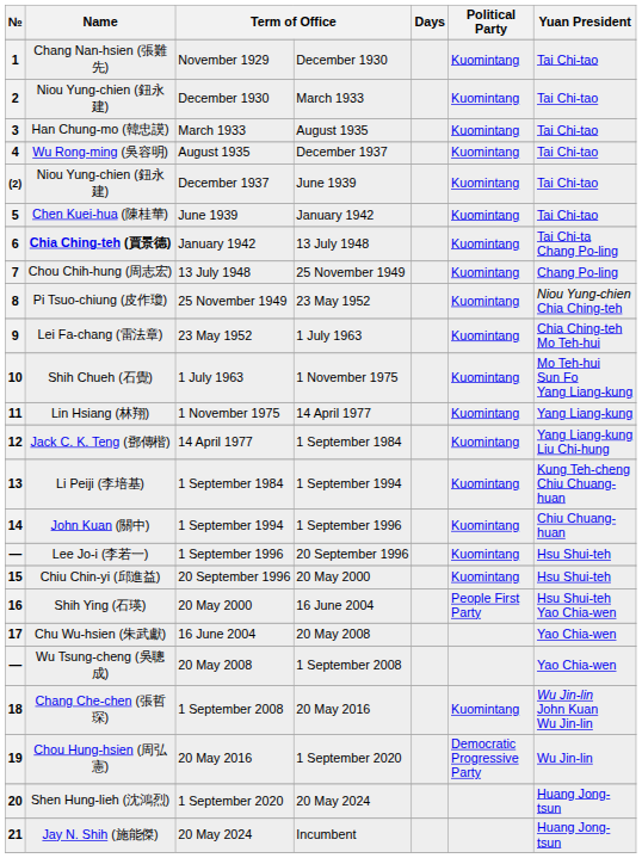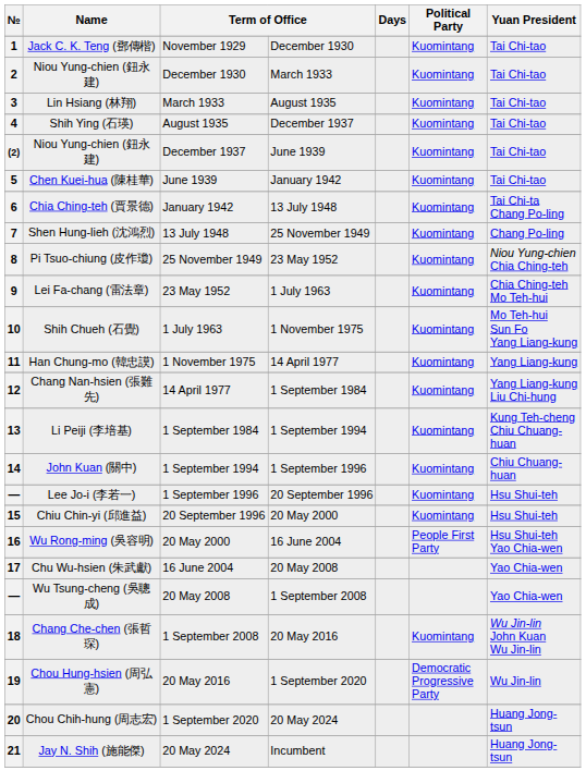 <table class="wikitable">
 <tr ->
 <th>№</th>
 <th width="180">Name</th>
 <th colspan=2 width="180">Term of Office</th>
 <th>Days</th>
 <th width="100">Political Party</th>
 <th width="120">Yuan President</th>
 </tr>
 <tr ->
 </tr>
 <tr - bgcolor=#EEEEEE>
 <th style="background:">1</th>
-<td align=center>Chang Nan-hsien (張難先)</td>
+<td align=center><a href='#'>Jack C. K. Teng</a> (鄧傳楷)</td>
 <td>November 1929</td>
 <td>December 1930</td>
 <td></td>
 <td><a href='#'>Kuomintang</a></td>
 <td><a href='#'>Tai Chi-tao</a></td>
 </tr>
 <tr ->
 </tr>
 <tr - bgcolor=#EEEEEE>
 <th style="background:">2</th>
 <td align=center>Niou Yung-chien (鈕永建)</td>
 <td>December 1930</td>
 <td>March 1933</td>
 <td></td>
 <td><a href='#'>Kuomintang</a></td>
 <td><a href='#'>Tai Chi-tao</a></td>
 </tr>
 <tr ->
 </tr>
 <tr - bgcolor=#EEEEEE>
 <th style="background:">3</th>
-<td align=center>Han Chung-mo (韓忠謨)</td>
+<td align=center>Lin Hsiang (林翔)</td>
 <td>March 1933</td>
 <td>August 1935</td>
 <td></td>
 <td><a href='#'>Kuomintang</a></td>
 <td><a href='#'>Tai Chi-tao</a></td>
 </tr>
 <tr ->
 </tr>
 <tr - bgcolor=#EEEEEE>
 <th style="background:">4</th>
-<td align=center><a href='#'>Wu Rong-ming</a> (吳容明)</td>
+<td align=center>Shih Ying (石瑛)</td>
 <td>August 1935</td>
 <td>December 1937</td>
 <td></td>
 <td><a href='#'>Kuomintang</a></td>
 <td><a href='#'>Tai Chi-tao</a></td>
 </tr>
 <tr ->
 </tr>
 <tr - bgcolor=#EEEEEE>
 <th style="background:"><small>(2)</small></th>
 <td align=center>Niou Yung-chien (鈕永建)</td>
 <td>December 1937</td>
 <td>June 1939</td>
 <td></td>
 <td><a href='#'>Kuomintang</a></td>
 <td><a href='#'>Tai Chi-tao</a></td>
 </tr>
 <tr ->
 </tr>
 <tr - bgcolor=#EEEEEE>
 <th style="background:">5</th>
 <td align=center><a href='#'>Chen Kuei-hua</a> (陳桂華)</td>
 <td>June 1939</td>
 <td>January 1942</td>
 <td></td>
 <td><a href='#'>Kuomintang</a></td>
 <td><a href='#'>Tai Chi-tao</a></td>
 </tr>
 <tr ->
 </tr>
 <tr - bgcolor=#EEEEEE>
 <th style="background:">6</th>
-<td align=center><strong><a href='#'>Chia Ching-teh</a> (賈景德)</strong></td>
+<td align=center><a href='#'>Chia Ching-teh</a> (賈景德)</td>
 <td>January 1942</td>
 <td>13 July 1948</td>
 <td></td>
 <td><a href='#'>Kuomintang</a></td>
 <td><a href='#'>Tai Chi-ta</a><br><a href='#'>Chang Po-ling</a></td>
 </tr>
 <tr ->
 </tr>
 <tr - bgcolor=#EEEEEE>
 <th style="background:">7</th>
-<td align=center>Chou Chih-hung (周志宏)</td>
+<td align=center>Shen Hung-lieh (沈鴻烈)</td>
 <td>13 July 1948</td>
 <td>25 November 1949</td>
 <td></td>
 <td><a href='#'>Kuomintang</a></td>
 <td><a href='#'>Chang Po-ling</a></td>
 </tr>
 <tr ->
 </tr>
 <tr - bgcolor=#EEEEEE>
 <th style="background:">8</th>
 <td align=center>Pi Tsuo-chiung (皮作瓊)</td>
 <td>25 November 1949</td>
 <td>23 May 1952</td>
 <td></td>
 <td><a href='#'>Kuomintang</a></td>
 <td><em>Niou Yung-chien</em><br><a href='#'>Chia Ching-teh</a></td>
 </tr>
 <tr ->
 </tr>
 <tr - bgcolor=#EEEEEE>
 <th style="background:">9</th>
 <td align=center>Lei Fa-chang (雷法章)</td>
 <td>23 May 1952</td>
 <td>1 July 1963</td>
 <td></td>
 <td><a href='#'>Kuomintang</a></td>
 <td><a href='#'>Chia Ching-teh</a><br><a href='#'>Mo Teh-hui</a></td>
 </tr>
 <tr ->
 </tr>
 <tr - bgcolor=#EEEEEE>
 <th style="background:">10</th>
 <td align=center>Shih Chueh (石覺)</td>
 <td>1 July 1963</td>
 <td>1 November 1975</td>
 <td></td>
 <td><a href='#'>Kuomintang</a></td>
 <td><a href='#'>Mo Teh-hui</a><br><a href='#'>Sun Fo</a><br><a href='#'>Yang Liang-kung</a></td>
 </tr>
 <tr ->
 </tr>
 <tr - bgcolor=#EEEEEE>
 <th style="background:">11</th>
-<td align=center>Lin Hsiang (林翔)</td>
+<td align=center>Han Chung-mo (韓忠謨)</td>
 <td>1 November 1975</td>
 <td>14 April 1977</td>
 <td></td>
 <td><a href='#'>Kuomintang</a></td>
 <td><a href='#'>Yang Liang-kung</a></td>
 </tr>
 <tr ->
 </tr>
 <tr - bgcolor=#EEEEEE>
 <th style="background:">12</th>
-<td align=center><a href='#'>Jack C. K. Teng</a> (鄧傳楷)</td>
+<td align=center>Chang Nan-hsien (張難先)</td>
 <td>14 April 1977</td>
 <td>1 September 1984</td>
 <td></td>
 <td><a href='#'>Kuomintang</a></td>
 <td><a href='#'>Yang Liang-kung</a><br><a href='#'>Liu Chi-hung</a></td>
 </tr>
 <tr ->
 </tr>
 <tr - bgcolor=#EEEEEE>
 <th style="background:">13</th>
 <td align=center>Li Peiji (李培基)</td>
 <td>1 September 1984</td>
 <td>1 September 1994</td>
 <td></td>
 <td><a href='#'>Kuomintang</a></td>
 <td><a href='#'>Kung Teh-cheng</a><br><a href='#'>Chiu Chuang-huan</a></td>
 </tr>
 <tr ->
 </tr>
 <tr - bgcolor=#EEEEEE>
 <th style="background:">14</th>
 <td align=center><a href='#'>John Kuan</a> (關中)</td>
 <td>1 September 1994</td>
 <td>1 September 1996</td>
 <td></td>
 <td><a href='#'>Kuomintang</a></td>
 <td><a href='#'>Chiu Chuang-huan</a></td>
 </tr>
 <tr ->
 </tr>
 <tr - bgcolor=#EEEEEE>
 <th style="background:">—</th>
 <td align=center>Lee Jo-i (李若一)</td>
 <td>1 September 1996</td>
 <td>20 September 1996</td>
 <td></td>
 <td><a href='#'>Kuomintang</a></td>
 <td><a href='#'>Hsu Shui-teh</a></td>
 </tr>
 <tr ->
 </tr>
 <tr - bgcolor=#EEEEEE>
 <th style="background:">15</th>
 <td align=center>Chiu Chin-yi (邱進益)</td>
 <td>20 September 1996</td>
 <td>20 May 2000</td>
 <td></td>
 <td><a href='#'>Kuomintang</a></td>
 <td><a href='#'>Hsu Shui-teh</a></td>
 </tr>
 <tr ->
 </tr>
 <tr - bgcolor=#EEEEEE>
 <th style="background:">16</th>
-<td align=center>Shih Ying (石瑛)</td>
+<td align=center><a href='#'>Wu Rong-ming</a> (吳容明)</td>
 <td>20 May 2000</td>
 <td>16 June 2004</td>
 <td></td>
 <td><a href='#'>People First Party</a></td>
 <td><a href='#'>Hsu Shui-teh</a><br><a href='#'>Yao Chia-wen</a></td>
 </tr>
 <tr ->
 </tr>
 <tr - bgcolor=#EEEEEE>
 <th style="background:">17</th>
 <td align=center>Chu Wu-hsien (朱武獻)</td>
 <td>16 June 2004</td>
 <td>20 May 2008</td>
 <td></td>
 <td></td>
 <td><a href='#'>Yao Chia-wen</a></td>
 </tr>
 <tr ->
 </tr>
 <tr - bgcolor=#EEEEEE>
 <th style="background:">—</th>
 <td align=center>Wu Tsung-cheng (吳聰成)</td>
 <td>20 May 2008</td>
 <td>1 September 2008</td>
 <td></td>
 <td></td>
 <td><a href='#'>Yao Chia-wen</a></td>
 </tr>
 <tr ->
 </tr>
 <tr - bgcolor=#EEEEEE>
 <th style="background:">18</th>
 <td align=center><a href='#'>Chang Che-chen</a> (張哲琛)</td>
 <td>1 September 2008</td>
 <td>20 May 2016</td>
 <td></td>
 <td><a href='#'>Kuomintang</a></td>
 <td><em><a href='#'>Wu Jin-lin</a></em><br><a href='#'>John Kuan</a><br><a href='#'>Wu Jin-lin</a></td>
 </tr>
 <tr ->
 </tr>
 <tr - bgcolor=#EEEEEE>
 <th style="background:">19</th>
 <td align=center><a href='#'>Chou Hung-hsien</a> (周弘憲)</td>
 <td>20 May 2016</td>
 <td>1 September 2020</td>
 <td></td>
 <td><a href='#'>Democratic Progressive Party</a></td>
 <td><a href='#'>Wu Jin-lin</a></td>
 </tr>
 <tr ->
 </tr>
 <tr - bgcolor=#EEEEEE>
 <th style="background:">20</th>
-<td align=center>Shen Hung-lieh (沈鴻烈)</td>
+<td align=center>Chou Chih-hung (周志宏)</td>
 <td>1 September 2020</td>
 <td>20 May 2024</td>
 <td></td>
 <td></td>
 <td><a href='#'>Huang Jong-tsun</a></td>
 </tr>
 <tr ->
 </tr>
 <tr - bgcolor=#EEEEEE>
 <th style="background:">21</th>
 <td align=center><a href='#'>Jay N. Shih</a> (施能傑)</td>
 <td>20 May 2024</td>
 <td>Incumbent</td>
 <td></td>
 <td></td>
 <td><a href='#'>Huang Jong-tsun</a></td>
 </tr>
 <tr ->
 </tr>
 </table>
